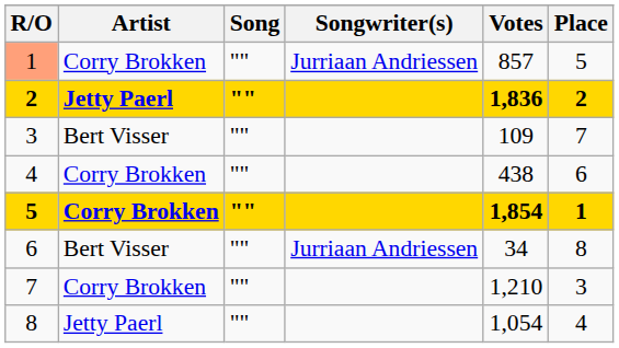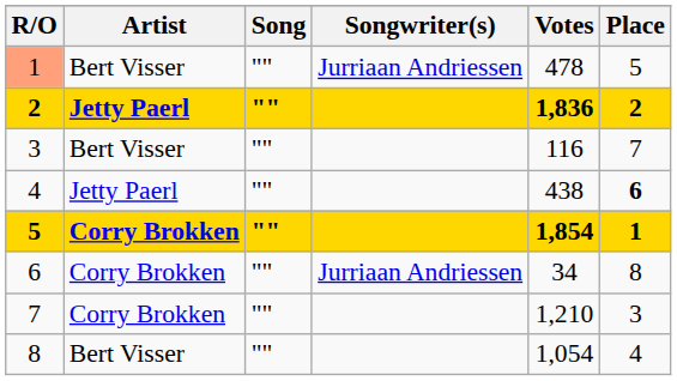 <table class="sortable wikitable" style="margin: 1em auto 1em auto; text-align:center">
 <tr>
 </tr>
 <tr>
 <th>R/O</th>
 <th>Artist</th>
 <th>Song</th>
 <th>Songwriter(s)</th>
 <th>Votes</th>
 <th>Place</th>
 </tr>
 <tr>
 <td style="background: lightsalmon;">1</td>
-<td align="left"><a href='#'>Corry Brokken</a></td>
+<td align="left">Bert Visser</td>
 <td align="left">""</td>
 <td align="left"><a href='#'>Jurriaan Andriessen</a></td>
-<td>857</td>
+<td>478</td>
 <td>5</td>
 </tr>
 <tr style="font-weight:bold; background:gold;">
 <td>2</td>
 <td align="left"><a href='#'>Jetty Paerl</a></td>
 <td align="left">""</td>
 <td align="left"></td>
 <td>1,836</td>
 <td>2</td>
 </tr>
 <tr>
 <td>3</td>
 <td align="left">Bert Visser</td>
 <td align="left">""</td>
 <td align="left"></td>
-<td>109</td>
+<td>116</td>
 <td>7</td>
 </tr>
 <tr>
 <td>4</td>
-<td align="left"><a href='#'>Corry Brokken</a></td>
+<td align="left"><a href='#'>Jetty Paerl</a></td>
 <td align="left">""</td>
 <td align="left"></td>
 <td>438</td>
-<td>6</td>
+<td><strong>6</strong></td>
 </tr>
 <tr style="font-weight:bold; background:gold;">
 <td>5</td>
 <td align="left"><a href='#'>Corry Brokken</a></td>
 <td align="left">""</td>
 <td align="left"></td>
 <td>1,854</td>
 <td>1</td>
 </tr>
 <tr>
 <td>6</td>
-<td align="left">Bert Visser</td>
+<td align="left"><a href='#'>Corry Brokken</a></td>
 <td align="left">""</td>
 <td align="left"><a href='#'>Jurriaan Andriessen</a></td>
 <td>34</td>
 <td>8</td>
 </tr>
 <tr>
 <td>7</td>
 <td align="left"><a href='#'>Corry Brokken</a></td>
 <td align="left">""</td>
 <td align="left"></td>
 <td>1,210</td>
 <td>3</td>
 </tr>
 <tr>
 <td>8</td>
-<td align="left"><a href='#'>Jetty Paerl</a></td>
+<td align="left">Bert Visser</td>
 <td align="left">""</td>
 <td align="left"></td>
 <td>1,054</td>
 <td>4</td>
 </tr>
 </table>
